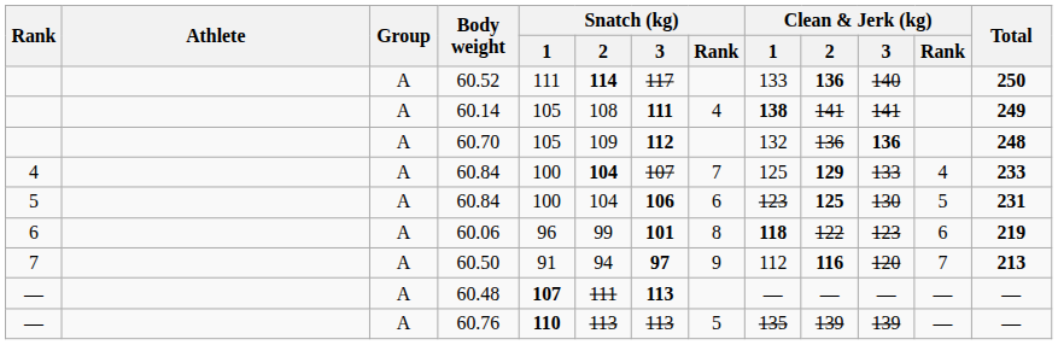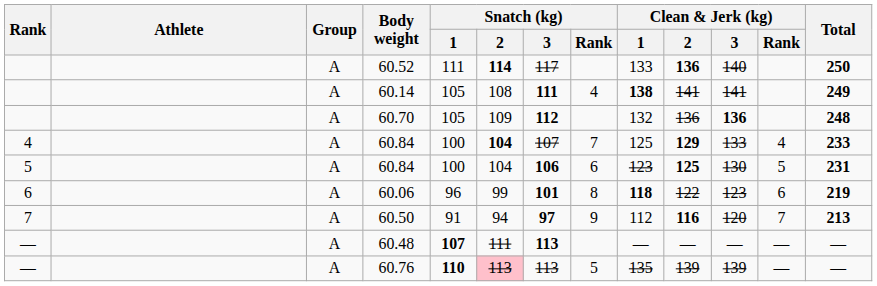 <table class = "wikitable" style="text-align:center;">
 <tr>
 <th rowspan=2 width=40>Rank</th>
 <th rowspan=2 width=250>Athlete</th>
 <th rowspan=2 width=50>Group</th>
 <th rowspan=2 width=60>Body weight</th>
 <th colspan=4>Snatch (kg)</th>
 <th colspan=4>Clean & Jerk (kg)</th>
 <th rowspan=2 width=60>Total</th>
 </tr>
 <tr>
 <th width=40>1</th>
 <th width=40>2</th>
 <th width=40>3</th>
 <th width=40>Rank</th>
 <th width=40>1</th>
 <th width=40>2</th>
 <th width=40>3</th>
 <th width=40>Rank</th>
 </tr>
 <tr>
 <td></td>
 <td align=left></td>
 <td>A</td>
 <td>60.52</td>
 <td>111</td>
 <td><strong>114</strong></td>
 <td><s>117</s></td>
 <td></td>
 <td>133</td>
 <td><strong>136</strong></td>
 <td><s>140</s></td>
 <td></td>
 <td><strong>250</strong></td>
 </tr>
 <tr>
 <td></td>
 <td align=left></td>
 <td>A</td>
 <td>60.14</td>
 <td>105</td>
 <td>108</td>
 <td><strong>111</strong></td>
 <td>4</td>
 <td><strong>138</strong></td>
 <td><s>141</s></td>
 <td><s>141</s></td>
 <td></td>
 <td><strong>249</strong></td>
 </tr>
 <tr>
 <td></td>
 <td align=left></td>
 <td>A</td>
 <td>60.70</td>
 <td>105</td>
 <td>109</td>
 <td><strong>112</strong></td>
 <td></td>
 <td>132</td>
 <td><s>136</s></td>
 <td><strong>136</strong></td>
 <td></td>
 <td><strong>248</strong></td>
 </tr>
 <tr>
 <td>4</td>
 <td align=left></td>
 <td>A</td>
 <td>60.84</td>
 <td>100</td>
 <td><strong>104</strong></td>
 <td><s>107</s></td>
 <td>7</td>
 <td>125</td>
 <td><strong>129</strong></td>
 <td><s>133</s></td>
 <td>4</td>
 <td><strong>233</strong></td>
 </tr>
 <tr>
 <td>5</td>
 <td align=left></td>
 <td>A</td>
 <td>60.84</td>
 <td>100</td>
 <td>104</td>
 <td><strong>106</strong></td>
 <td>6</td>
 <td><s>123</s></td>
 <td><strong>125</strong></td>
 <td><s>130</s></td>
 <td>5</td>
 <td><strong>231</strong></td>
 </tr>
 <tr>
 <td>6</td>
 <td align=left></td>
 <td>A</td>
 <td>60.06</td>
 <td>96</td>
 <td>99</td>
 <td><strong>101</strong></td>
 <td>8</td>
 <td><strong>118</strong></td>
 <td><s>122</s></td>
 <td><s>123</s></td>
 <td>6</td>
 <td><strong>219</strong></td>
 </tr>
 <tr>
 <td>7</td>
 <td align=left></td>
 <td>A</td>
 <td>60.50</td>
 <td>91</td>
 <td>94</td>
 <td><strong>97</strong></td>
 <td>9</td>
 <td>112</td>
 <td><strong>116</strong></td>
 <td><s>120</s></td>
 <td>7</td>
 <td><strong>213</strong></td>
 </tr>
 <tr>
 <td>—</td>
 <td align=left></td>
 <td>A</td>
 <td>60.48</td>
 <td><strong>107</strong></td>
 <td><s>111</s></td>
 <td><strong>113</strong></td>
 <td></td>
 <td>—</td>
 <td>—</td>
 <td>—</td>
 <td>—</td>
 <td>—</td>
 </tr>
 <tr>
 <td>—</td>
 <td align=left></td>
 <td>A</td>
 <td>60.76</td>
 <td><strong>110</strong></td>
-<td><s>113</s></td>
+<td style="background: pink;"><s>113</s></td>
 <td><s>113</s></td>
 <td>5</td>
 <td><s>135</s></td>
 <td><s>139</s></td>
 <td><s>139</s></td>
 <td>—</td>
 <td>—</td>
 </tr>
 </table>
